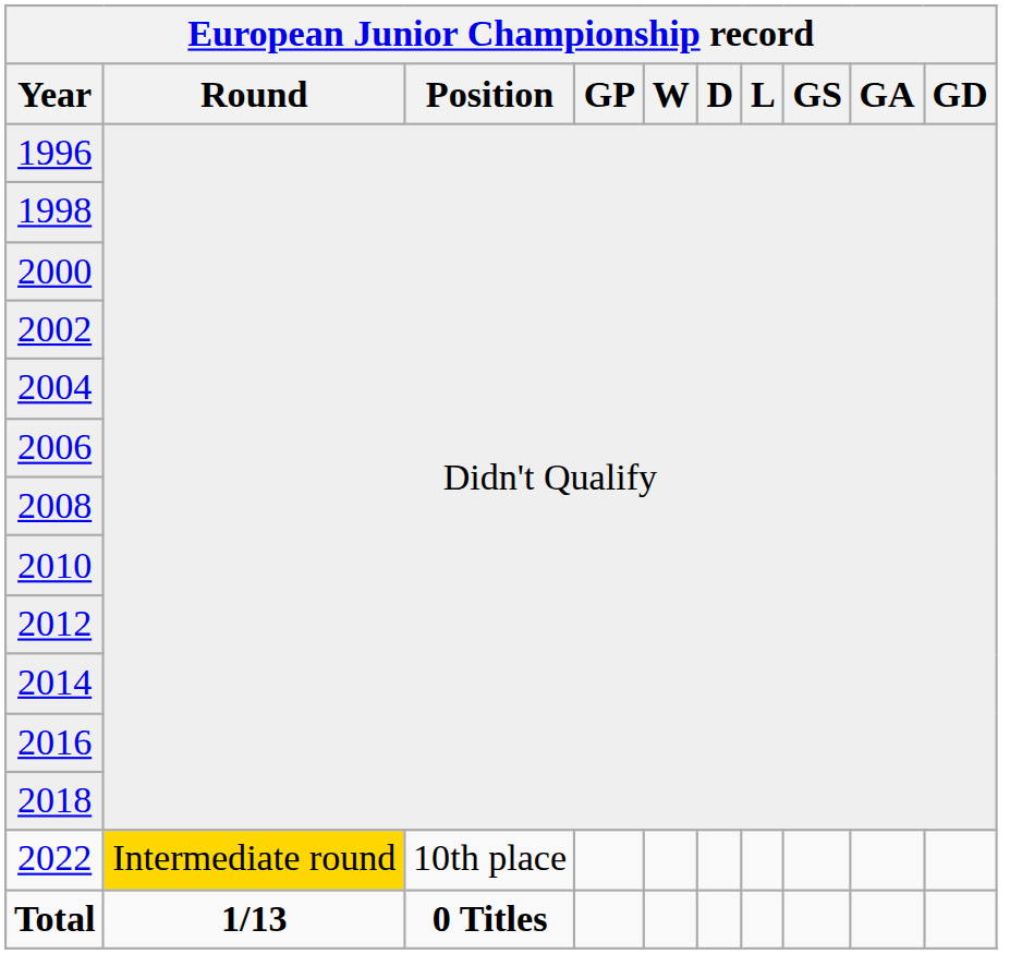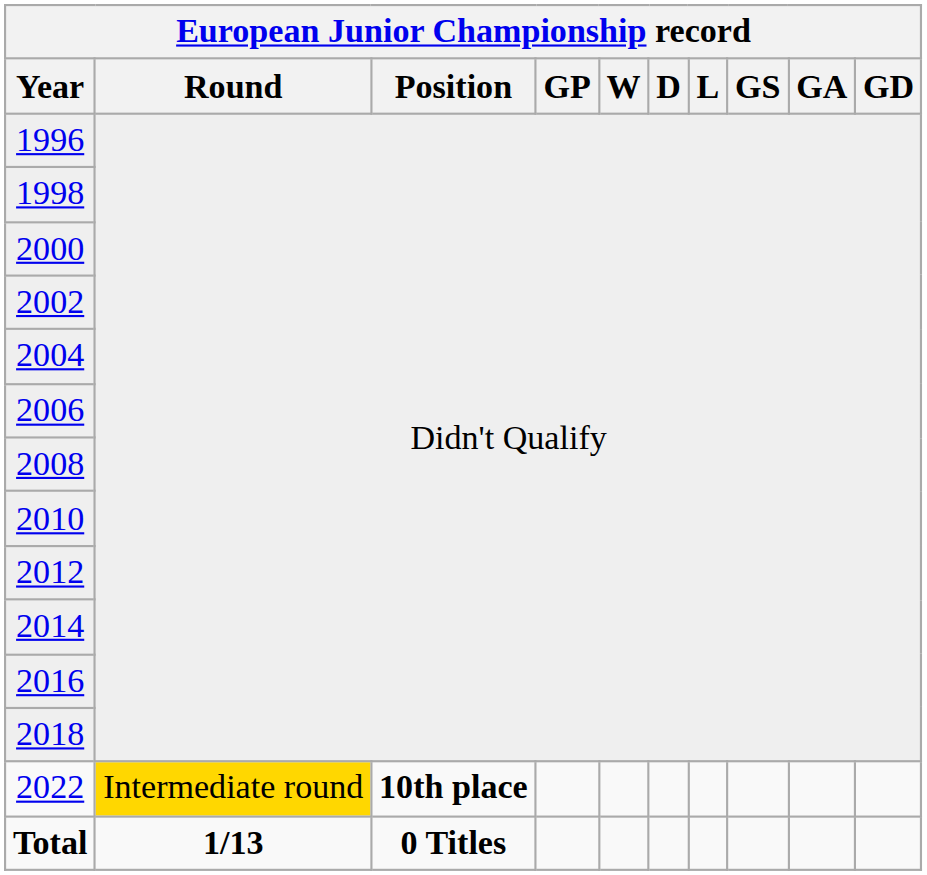 <table class="wikitable" style="text-align: center;">
 <tr>
 <th colspan=10><a href='#'>European Junior Championship</a> record</th>
 </tr>
 <tr>
 <th>Year</th>
 <th>Round</th>
 <th>Position</th>
 <th>GP</th>
 <th>W</th>
 <th>D</th>
 <th>L</th>
 <th>GS</th>
 <th>GA</th>
 <th>GD</th>
 </tr>
 <tr bgcolor=efefef>
 <td> <a href='#'>1996</a></td>
 <td colspan=10 rowspan=12>Didn't Qualify</td>
 </tr>
 <tr bgcolor=efefef>
 <td> <a href='#'>1998</a></td>
 </tr>
 <tr bgcolor=efefef>
 <td> <a href='#'>2000</a></td>
 </tr>
 <tr bgcolor=efefef>
 <td> <a href='#'>2002</a></td>
 </tr>
 <tr bgcolor=efefef>
 <td> <a href='#'>2004</a></td>
 </tr>
 <tr bgcolor=efefef>
 <td> <a href='#'>2006</a></td>
 </tr>
 <tr bgcolor=efefef>
 <td> <a href='#'>2008</a></td>
 </tr>
 <tr bgcolor=efefef>
 <td> <a href='#'>2010</a></td>
 </tr>
 <tr bgcolor=efefef>
 <td> <a href='#'>2012</a></td>
 </tr>
 <tr bgcolor=efefef>
 <td> <a href='#'>2014</a></td>
 </tr>
 <tr bgcolor=efefef>
 <td> <a href='#'>2016</a></td>
 </tr>
 <tr bgcolor=efefef>
 <td> <a href='#'>2018</a></td>
 </tr>
 <tr>
 <td> <a href='#'>2022</a></td>
 <td style="background: gold;">Intermediate round</td>
-<td>10th place</td>
+<td><strong>10th place</strong></td>
 <td></td>
 <td></td>
 <td></td>
 <td></td>
 <td></td>
 <td></td>
 <td></td>
 </tr>
 <tr>
 <td><strong>Total</strong></td>
 <td><strong>1/13</strong></td>
 <td><strong>0 Titles</strong></td>
 <td><strong> </strong></td>
 <td><strong> </strong></td>
 <td><strong> </strong></td>
 <td><strong> </strong></td>
 <td><strong> </strong></td>
 <td><strong> </strong></td>
 <td><strong> </strong></td>
 </tr>
 </table>
